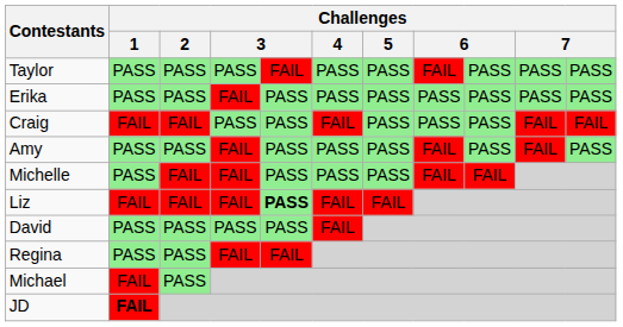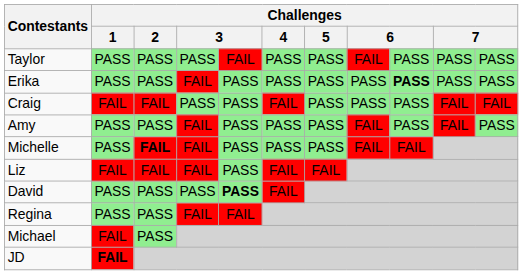 <table class="wikitable" style="text-align:center">
 <tr>
 <th rowspan=2>Contestants</th>
 <th colspan=11>Challenges</th>
 </tr>
 <tr>
 <th>1</th>
 <th>2</th>
 <th colspan=2>3</th>
 <th>4</th>
 <th>5</th>
 <th colspan=2>6</th>
 <th colspan=2>7</th>
 </tr>
 <tr>
 <td align="left">Taylor</td>
 <td bgcolor="lightgreen">PASS</td>
 <td bgcolor="lightgreen">PASS</td>
 <td bgcolor="lightgreen">PASS</td>
 <td bgcolor="RED">FAIL</td>
 <td bgcolor="lightgreen">PASS</td>
 <td bgcolor="lightgreen">PASS</td>
 <td bgcolor="RED">FAIL</td>
 <td bgcolor="lightgreen">PASS</td>
 <td bgcolor="lightgreen">PASS</td>
 <td bgcolor="lightgreen">PASS</td>
 </tr>
 <tr>
 <td align="left">Erika</td>
 <td bgcolor="lightgreen">PASS</td>
 <td bgcolor="lightgreen">PASS</td>
 <td bgcolor="RED">FAIL</td>
 <td bgcolor="lightgreen">PASS</td>
 <td bgcolor="lightgreen">PASS</td>
 <td bgcolor="lightgreen">PASS</td>
 <td bgcolor="lightgreen">PASS</td>
-<td bgcolor="lightgreen">PASS</td>
+<td bgcolor="lightgreen"><strong>PASS</strong></td>
 <td bgcolor="lightgreen">PASS</td>
 <td bgcolor="lightgreen">PASS</td>
 </tr>
 <tr>
 <td align="left">Craig</td>
 <td bgcolor="RED">FAIL</td>
 <td bgcolor="RED">FAIL</td>
 <td bgcolor="lightgreen">PASS</td>
 <td bgcolor="lightgreen">PASS</td>
 <td bgcolor="RED">FAIL</td>
 <td bgcolor="lightgreen">PASS</td>
 <td bgcolor="lightgreen">PASS</td>
 <td bgcolor="lightgreen">PASS</td>
 <td bgcolor="red">FAIL</td>
 <td bgcolor="red">FAIL</td>
 </tr>
 <tr>
 <td align="left">Amy</td>
 <td bgcolor="lightgreen">PASS</td>
 <td bgcolor="lightgreen">PASS</td>
 <td bgcolor="RED">FAIL</td>
 <td bgcolor="lightgreen">PASS</td>
 <td bgcolor="lightgreen">PASS</td>
 <td bgcolor="lightgreen">PASS</td>
 <td bgcolor="RED">FAIL</td>
 <td bgcolor="lightgreen">PASS</td>
 <td bgcolor="red">FAIL</td>
 <td bgcolor="lightgreen">PASS</td>
 </tr>
 <tr>
 <td align="left">Michelle</td>
 <td bgcolor="lightgreen">PASS</td>
-<td bgcolor="RED">FAIL</td>
+<td bgcolor="RED"><strong>FAIL</strong></td>
 <td bgcolor="RED">FAIL</td>
 <td bgcolor="lightgreen">PASS</td>
 <td bgcolor="lightgreen">PASS</td>
 <td bgcolor="lightgreen">PASS</td>
 <td bgcolor="RED">FAIL</td>
 <td bgcolor="RED">FAIL</td>
 <td bgcolor="lightgrey" colspan=4></td>
 </tr>
 <tr>
 <td align="left">Liz</td>
 <td bgcolor="RED">FAIL</td>
 <td bgcolor="RED">FAIL</td>
 <td bgcolor="RED">FAIL</td>
-<td bgcolor="lightgreen"><strong>PASS</strong></td>
+<td bgcolor="lightgreen">PASS</td>
 <td bgcolor="RED">FAIL</td>
 <td bgcolor="RED">FAIL</td>
 <td bgcolor="lightgrey" colspan=5></td>
 </tr>
 <tr>
 <td align="left">David</td>
 <td bgcolor="lightgreen">PASS</td>
 <td bgcolor="lightgreen">PASS</td>
 <td bgcolor="lightgreen">PASS</td>
-<td bgcolor="lightgreen">PASS</td>
+<td bgcolor="lightgreen"><strong>PASS</strong></td>
 <td bgcolor="RED">FAIL</td>
 <td bgcolor="lightgrey" colspan=6></td>
 </tr>
 <tr>
 <td align="left">Regina</td>
 <td bgcolor="lightgreen">PASS</td>
 <td bgcolor="lightgreen">PASS</td>
 <td bgcolor="RED">FAIL</td>
 <td bgcolor="RED">FAIL</td>
 <td bgcolor="lightgrey" colspan=7></td>
 </tr>
 <tr>
 <td align="left">Michael</td>
 <td bgcolor="RED">FAIL</td>
 <td bgcolor="lightgreen">PASS</td>
 <td bgcolor="lightgrey" colspan=9></td>
 </tr>
 <tr>
 <td align="left">JD</td>
 <td bgcolor="RED"><strong>FAIL</strong></td>
 <td bgcolor="lightgrey" colspan=10></td>
 </tr>
 </table>
